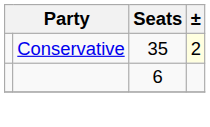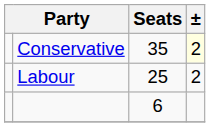 <table class="sortable wikitable">
 <tr>
 <th colspan="2">Party</th>
 <th>Seats</th>
 <th>±</th>
 </tr>
 <tr>
 <td style="background-color: "></td>
 <td><a href='#'>Conservative</a></td>
 <td align="center">35</td>
 <td align="center" style="background: lightyellow;">2</td>
 </tr>
 <tr>
 <td style="background-color: "></td>
+<td><a href='#'>Labour</a></td>
+<td align="center">25</td>
+<td align="center">2</td>
+</tr>
+<tr>
+<td style="background-color: "></td>
 <td><a href='#'></a></td>
 <td align="center">6</td>
 <td align="center"></td>
 </tr>
 <tr>
 </tr>
 </table>
